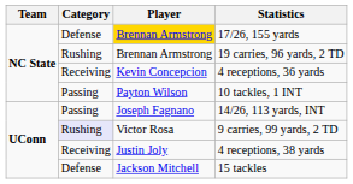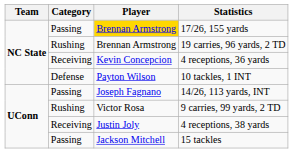 <table class="wikitable" style="float: right;">
 <tr>
 <th>Team</th>
 <th>Category</th>
 <th>Player</th>
 <th>Statistics</th>
 </tr>
 <tr>
 <td rowspan=4><strong>NC State</strong></td>
-<td>Defense</td>
+<td>Passing</td>
 <td style="background: gold;"><a href='#'>Brennan Armstrong</a></td>
 <td>17/26, 155 yards</td>
 </tr>
 <tr>
 <td>Rushing</td>
 <td>Brennan Armstrong</td>
 <td>19 carries, 96 yards, 2 TD</td>
 </tr>
 <tr>
 <td>Receiving</td>
 <td><a href='#'>Kevin Concepcion</a></td>
 <td>4 receptions, 36 yards</td>
 </tr>
 <tr>
-<td>Passing</td>
+<td>Defense</td>
 <td><a href='#'>Payton Wilson</a></td>
 <td>10 tackles, 1 INT</td>
 </tr>
 <tr>
 <td rowspan=4><strong>UConn</strong></td>
 <td>Passing</td>
 <td><a href='#'>Joseph Fagnano</a></td>
 <td>14/26, 113 yards, INT</td>
 </tr>
 <tr>
-<td style="background: lavender;">Rushing</td>
+<td>Rushing</td>
 <td>Victor Rosa</td>
 <td>9 carries, 99 yards, 2 TD</td>
 </tr>
 <tr>
 <td>Receiving</td>
 <td><a href='#'>Justin Joly</a></td>
 <td>4 receptions, 38 yards</td>
 </tr>
 <tr>
-<td>Defense</td>
+<td>Passing</td>
 <td><a href='#'>Jackson Mitchell</a></td>
 <td>15 tackles</td>
 </tr>
 </table>
